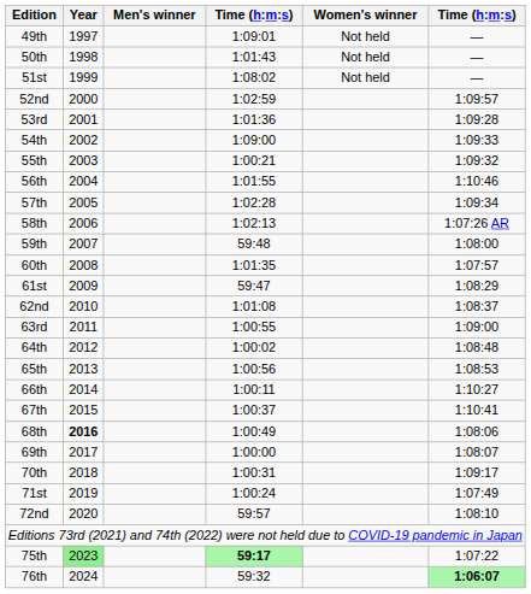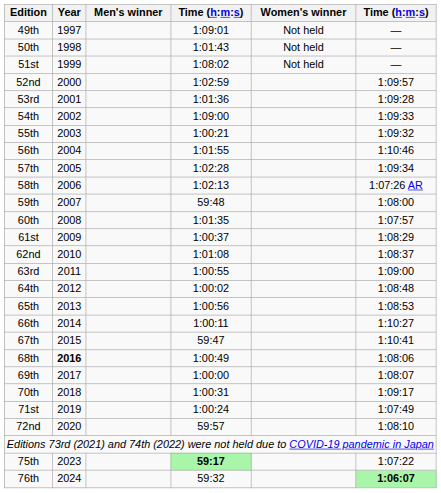 <table class="wikitable" style="text-align:center">
 <tr>
 <th>Edition</th>
 <th>Year</th>
 <th>Men's winner</th>
 <th>Time (<a href='#'>h</a>:<a href='#'>m</a>:<a href='#'>s</a>)</th>
 <th>Women's winner</th>
 <th>Time (<a href='#'>h</a>:<a href='#'>m</a>:<a href='#'>s</a>)</th>
 </tr>
 <tr>
 <td>49th</td>
 <td>1997</td>
 <td align=left></td>
 <td>1:09:01</td>
 <td align=center>Not held</td>
 <td align=center>—</td>
 </tr>
 <tr>
 <td>50th</td>
 <td>1998</td>
 <td align=left></td>
 <td>1:01:43</td>
 <td align=center>Not held</td>
 <td align=center>—</td>
 </tr>
 <tr>
 <td>51st</td>
 <td>1999</td>
 <td align=left></td>
 <td>1:08:02</td>
 <td align=center>Not held</td>
 <td align=center>—</td>
 </tr>
 <tr>
 <td>52nd</td>
 <td>2000</td>
 <td align=left></td>
 <td>1:02:59</td>
 <td align=left></td>
 <td>1:09:57</td>
 </tr>
 <tr>
 <td>53rd</td>
 <td>2001</td>
 <td align=left></td>
 <td>1:01:36</td>
 <td align=left></td>
 <td>1:09:28</td>
 </tr>
 <tr>
 <td>54th</td>
 <td>2002</td>
 <td align=left></td>
 <td>1:09:00</td>
 <td align=left></td>
 <td>1:09:33</td>
 </tr>
 <tr>
 <td>55th</td>
 <td>2003</td>
 <td align=left></td>
 <td>1:00:21</td>
 <td align=left></td>
 <td>1:09:32</td>
 </tr>
 <tr>
 <td>56th</td>
 <td>2004</td>
 <td align=left></td>
 <td>1:01:55</td>
 <td align=left></td>
 <td>1:10:46</td>
 </tr>
 <tr>
 <td>57th</td>
 <td>2005</td>
 <td align=left></td>
 <td>1:02:28</td>
 <td align=left></td>
 <td>1:09:34</td>
 </tr>
 <tr>
 <td>58th</td>
 <td>2006</td>
 <td align=left></td>
 <td>1:02:13</td>
 <td align=left></td>
 <td>1:07:26 <a href='#'>AR</a></td>
 </tr>
 <tr>
 <td>59th</td>
 <td>2007</td>
 <td align=left></td>
 <td>59:48</td>
 <td align=left></td>
 <td>1:08:00</td>
 </tr>
 <tr>
 <td>60th</td>
 <td>2008</td>
 <td align=left></td>
 <td>1:01:35</td>
 <td align=left></td>
 <td>1:07:57</td>
 </tr>
 <tr>
 <td>61st</td>
 <td>2009</td>
 <td align=left></td>
-<td>59:47</td>
+<td>1:00:37</td>
 <td align=left></td>
 <td>1:08:29</td>
 </tr>
 <tr>
 <td>62nd</td>
 <td>2010</td>
 <td align=left></td>
 <td>1:01:08</td>
 <td align=left></td>
 <td>1:08:37</td>
 </tr>
 <tr>
 <td>63rd</td>
 <td>2011</td>
 <td align=left></td>
 <td>1:00:55</td>
 <td align=left></td>
 <td>1:09:00</td>
 </tr>
 <tr>
 <td>64th</td>
 <td>2012</td>
 <td align=left></td>
 <td>1:00:02</td>
 <td align=left></td>
 <td>1:08:48</td>
 </tr>
 <tr>
 <td>65th</td>
 <td>2013</td>
 <td align=left></td>
 <td>1:00:56</td>
 <td align=left></td>
 <td>1:08:53</td>
 </tr>
 <tr>
 <td>66th</td>
 <td>2014</td>
 <td align=left></td>
 <td>1:00:11</td>
 <td align=left></td>
 <td>1:10:27</td>
 </tr>
 <tr>
 <td>67th</td>
 <td>2015</td>
 <td align=left><br></td>
-<td>1:00:37</td>
+<td>59:47</td>
 <td align=left></td>
 <td>1:10:41</td>
 </tr>
 <tr>
 <td>68th</td>
 <td><strong>2016</strong></td>
 <td align=left></td>
 <td>1:00:49</td>
 <td align=left></td>
 <td>1:08:06</td>
 </tr>
 <tr>
 <td>69th</td>
 <td>2017</td>
 <td align=left></td>
 <td>1:00:00</td>
 <td align=left></td>
 <td>1:08:07</td>
 </tr>
 <tr>
 <td>70th</td>
 <td>2018</td>
 <td align=left></td>
 <td>1:00:31</td>
 <td align=left></td>
 <td>1:09:17</td>
 </tr>
 <tr>
 <td>71st</td>
 <td>2019</td>
 <td align=left></td>
 <td>1:00:24</td>
 <td align=left></td>
 <td>1:07:49</td>
 </tr>
 <tr>
 <td>72nd</td>
 <td>2020</td>
 <td align=left></td>
 <td>59:57</td>
 <td align=left></td>
 <td>1:08:10</td>
 </tr>
 <tr>
 <td colspan=6 align-text=center><em>Editions 73rd (2021) and 74th (2022) were not held due to <a href='#'>COVID-19 pandemic in Japan</a></em></td>
 </tr>
 <tr>
 <td>75th</td>
-<td style="background: lightgreen;">2023</td>
+<td>2023</td>
 <td align=left></td>
 <td bgcolor=#A9F5A9><strong>59:17</strong></td>
 <td align=left></td>
 <td>1:07:22</td>
 </tr>
 <tr>
 <td>76th</td>
 <td>2024</td>
 <td align=left></td>
 <td>59:32</td>
 <td align=left></td>
 <td bgcolor=#A9F5A9><strong>1:06:07</strong></td>
 </tr>
 </table>
